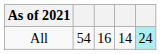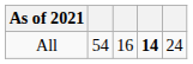 <table class="wikitable">
 <tr>
 <th>As of 2021</th>
 <th></th>
 <th></th>
 <th></th>
 <th></th>
 </tr>
 <tr align="center">
 <td>All</td>
 <td>54</td>
 <td>16</td>
-<td>14</td>
-<td style="background: paleturquoise;">24</td>
+<td><strong>14</strong></td>
+<td>24</td>
 </tr>
 </table>
